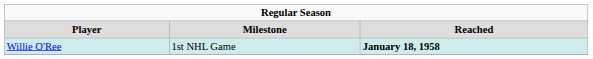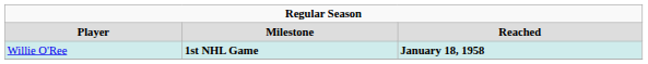 <table class="wikitable" width="70%">
 <tr>
 <td colspan="10" align="center"><strong>Regular Season</strong></td>
 </tr>
 <tr align="center"  bgcolor="#dddddd">
 <td><strong>Player</strong></td>
 <td><strong>Milestone</strong></td>
 <td><strong>Reached</strong></td>
 </tr>
 <tr bgcolor="#CFECEC">
 <td><a href='#'>Willie O'Ree</a></td>
-<td>1st NHL Game</td>
+<td><strong>1st NHL Game</strong></td>
 <td><strong>January 18, 1958</strong></td>
 </tr>
 <tr>
 </tr>
 </table>
